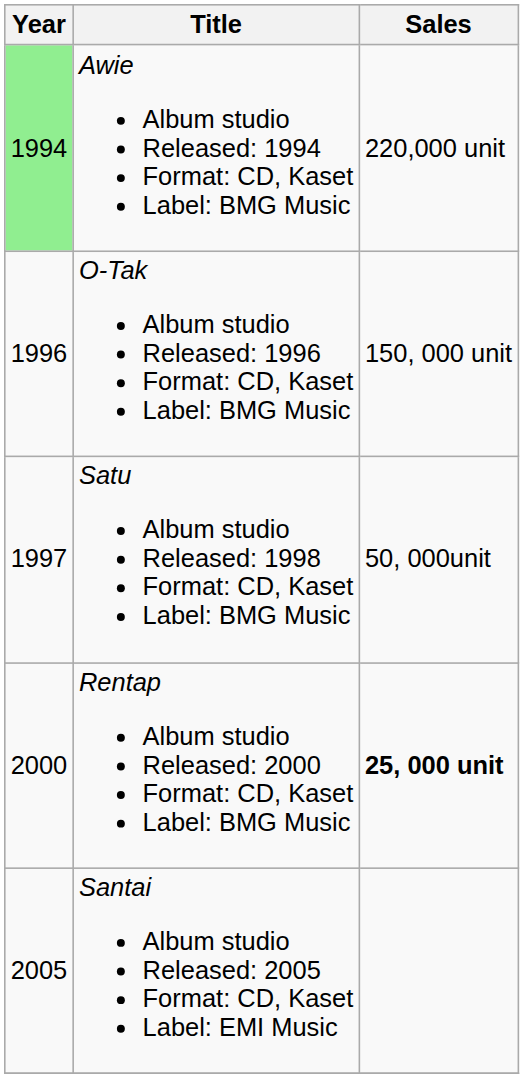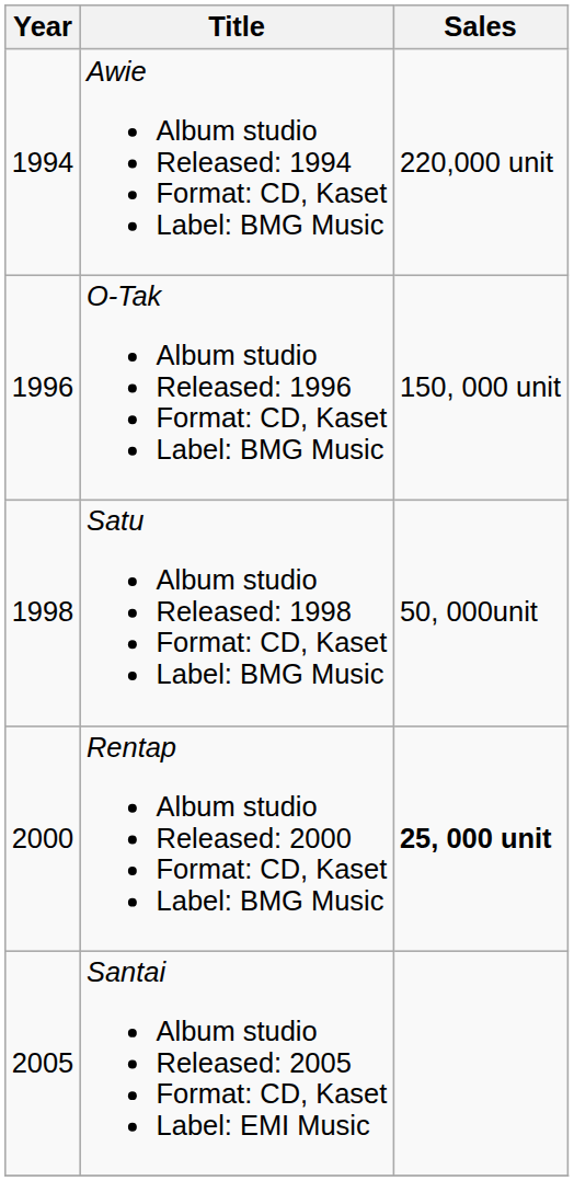 <table class="wikitable">
 <tr>
 <th>Year</th>
 <th>Title</th>
 <th>Sales</th>
 </tr>
 <tr>
-<td style="background: lightgreen;">1994</td>
+<td>1994</td>
 <td><em>Awie</em><br><ul><li>Album studio</li><li>Released: 1994</li><li>Format: CD, Kaset</li><li>Label: BMG Music</li></ul></td>
 <td>220,000 unit</td>
 </tr>
 <tr>
 <td>1996</td>
 <td><em>O-Tak</em><br><ul><li>Album studio</li><li>Released: 1996</li><li>Format: CD, Kaset</li><li>Label: BMG Music</li></ul></td>
 <td>150, 000 unit</td>
 </tr>
 <tr>
-<td>1997</td>
+<td>1998</td>
 <td><em>Satu</em><br><ul><li>Album studio</li><li>Released: 1998</li><li>Format: CD, Kaset</li><li>Label: BMG Music</li></ul></td>
 <td>50, 000unit</td>
 </tr>
 <tr>
 <td>2000</td>
 <td><em>Rentap</em><br><ul><li>Album studio</li><li>Released: 2000</li><li>Format: CD, Kaset</li><li>Label: BMG Music</li></ul></td>
 <td><strong>25, 000 unit</strong></td>
 </tr>
 <tr>
 <td>2005</td>
 <td><em>Santai</em><br><ul><li>Album studio</li><li>Released: 2005</li><li>Format: CD, Kaset</li><li>Label: EMI Music</li></ul></td>
 <td></td>
 </tr>
 <tr>
 </tr>
 </table>
